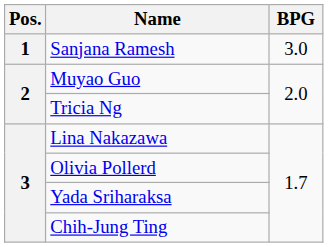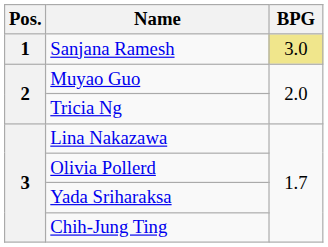 <table class=wikitable style="text-align:center;">
 <tr>
 <th width="13%">Pos.</th>
 <th width="70%">Name</th>
 <th width="17%">BPG</th>
 </tr>
 <tr>
 <th>1</th>
 <td align=left> <a href='#'>Sanjana Ramesh</a></td>
-<td>3.0</td>
+<td style="background: khaki;">3.0</td>
 </tr>
 <tr>
 <th rowspan=2>2</th>
 <td align=left> <a href='#'>Muyao Guo</a></td>
 <td rowspan=2>2.0</td>
 </tr>
 <tr>
 <td align=left> <a href='#'>Tricia Ng</a></td>
 </tr>
 <tr>
 <th rowspan=4>3</th>
 <td align=left> <a href='#'>Lina Nakazawa</a></td>
 <td rowspan=4>1.7</td>
 </tr>
 <tr>
 <td align=left> <a href='#'>Olivia Pollerd</a></td>
 </tr>
 <tr>
 <td align=left> <a href='#'>Yada Sriharaksa</a></td>
 </tr>
 <tr>
 <td align=left> <a href='#'>Chih-Jung Ting</a></td>
 </tr>
 </table>
